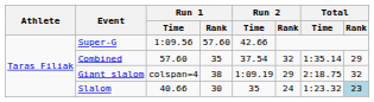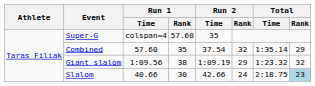 <table class="wikitable" style="font-size:90%">
 <tr>
 <th rowspan=2>Athlete</th>
 <th rowspan=2>Event</th>
 <th colspan=2>Run 1</th>
 <th colspan=2>Run 2</th>
 <th colspan=2>Total</th>
 </tr>
 <tr style="font-size:95%">
 <th>Time</th>
 <th>Rank</th>
 <th>Time</th>
 <th>Rank</th>
 <th>Time</th>
 <th>Rank</th>
 </tr>
 <tr align=center>
 <td align="left" rowspan="4"><a href='#'>Taras Filiak</a></td>
 <td align="left"><a href='#'>Super-G</a></td>
-<td>1:09.56</td>
+<td>colspan=4</td>
 <td>57.60</td>
-<td>42.66</td>
+<td>35</td>
 </tr>
 <tr align=center>
 <td align="left"><a href='#'>Combined</a></td>
 <td>57.60</td>
 <td>35</td>
 <td>37.54</td>
 <td>32</td>
 <td>1:35.14</td>
 <td>29</td>
 </tr>
 <tr align=center>
 <td align="left"><a href='#'>Giant slalom</a></td>
-<td>colspan=4</td>
+<td>1:09.56</td>
 <td>38</td>
 <td>1:09.19</td>
 <td>29</td>
-<td>2:18.75</td>
+<td>1:23.32</td>
 <td>32</td>
 </tr>
 <tr align=center>
 <td align="left"><a href='#'>Slalom</a></td>
 <td>40.66</td>
 <td>30</td>
-<td>35</td>
+<td>42.66</td>
 <td>24</td>
-<td>1:23.32</td>
+<td>2:18.75</td>
 <td style="background: lightblue;">23</td>
 </tr>
 </table>
